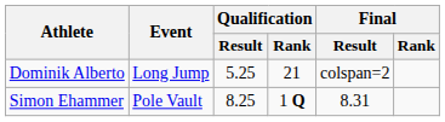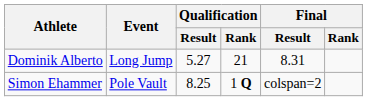 <table class="wikitable" style="font-size:90%">
 <tr>
 <th rowspan="2">Athlete</th>
 <th rowspan="2">Event</th>
 <th colspan="2">Qualification</th>
 <th colspan="2">Final</th>
 </tr>
 <tr style="font-size:95%">
 <th>Result</th>
 <th>Rank</th>
 <th>Result</th>
 <th>Rank</th>
 </tr>
 <tr align=center>
 <td align=left><a href='#'>Dominik Alberto</a></td>
 <td align=left><a href='#'>Long Jump</a></td>
-<td>5.25</td>
+<td>5.27</td>
 <td>21</td>
-<td>colspan=2 </td>
+<td>8.31</td>
 </tr>
 <tr align=center>
 <td align=left><a href='#'>Simon Ehammer</a></td>
 <td align=left><a href='#'>Pole Vault</a></td>
 <td>8.25</td>
 <td>1 <strong>Q</strong></td>
-<td>8.31</td>
+<td>colspan=2 </td>
 <td></td>
 </tr>
 </table>
